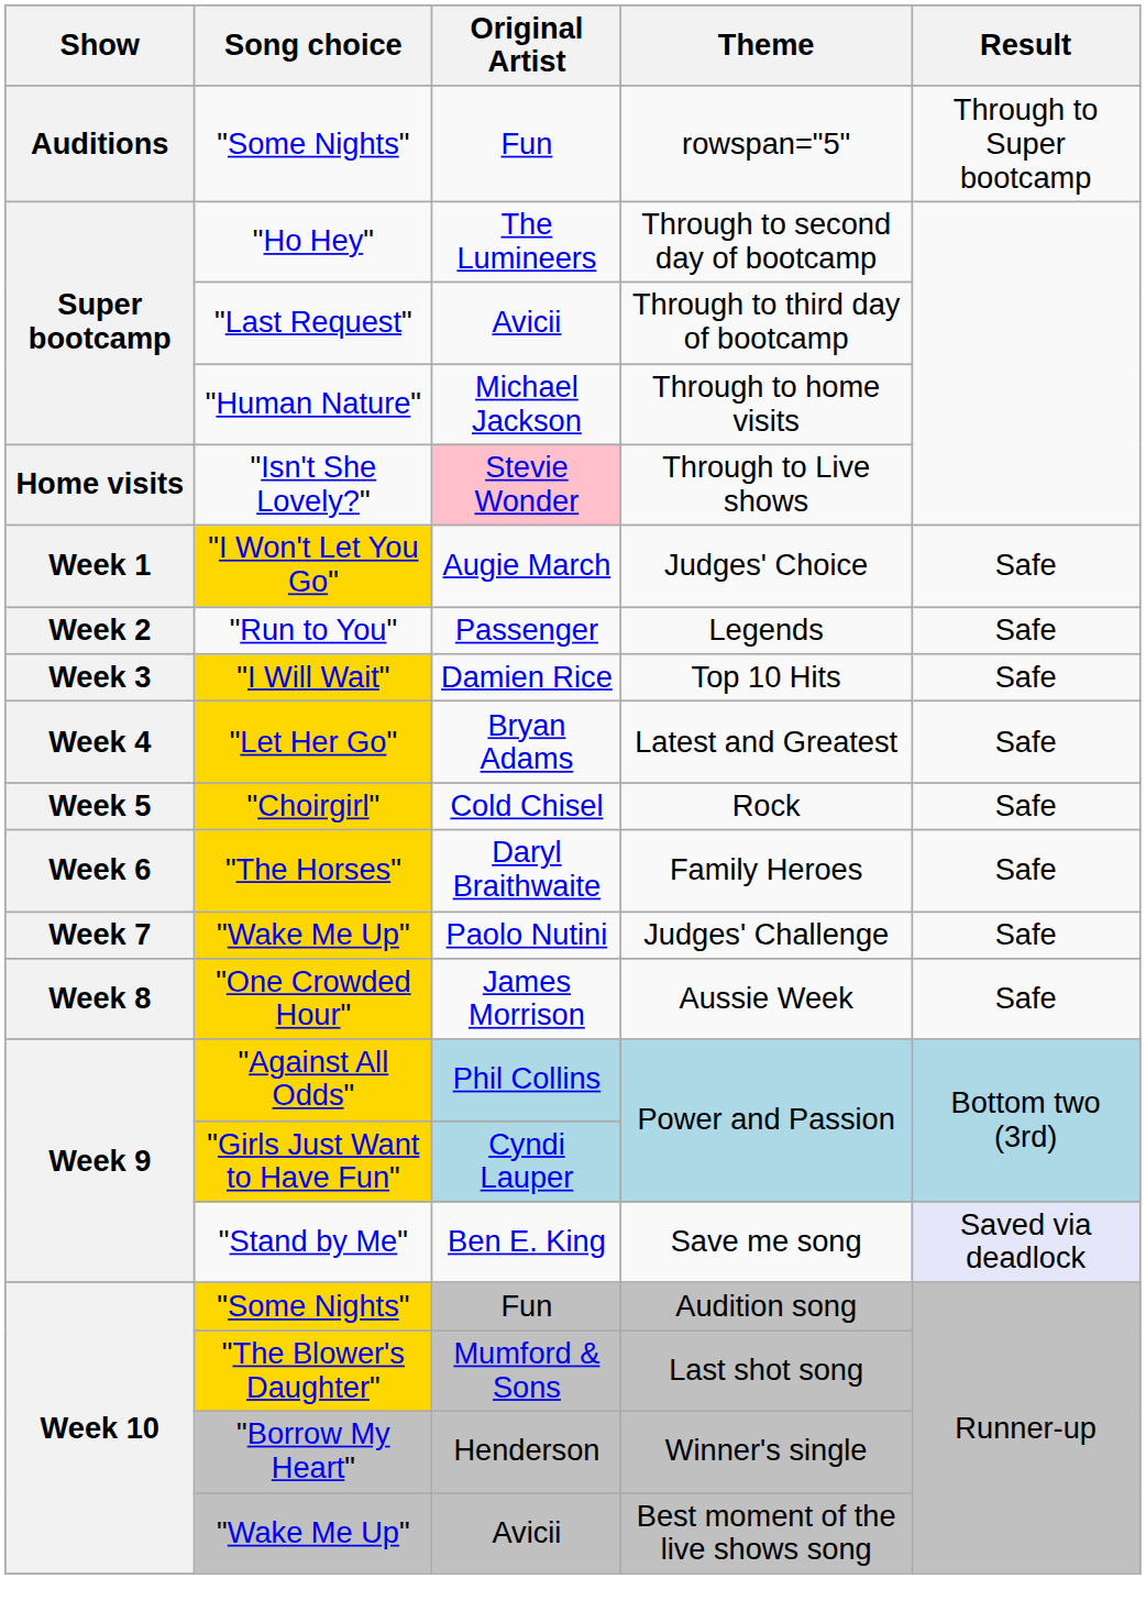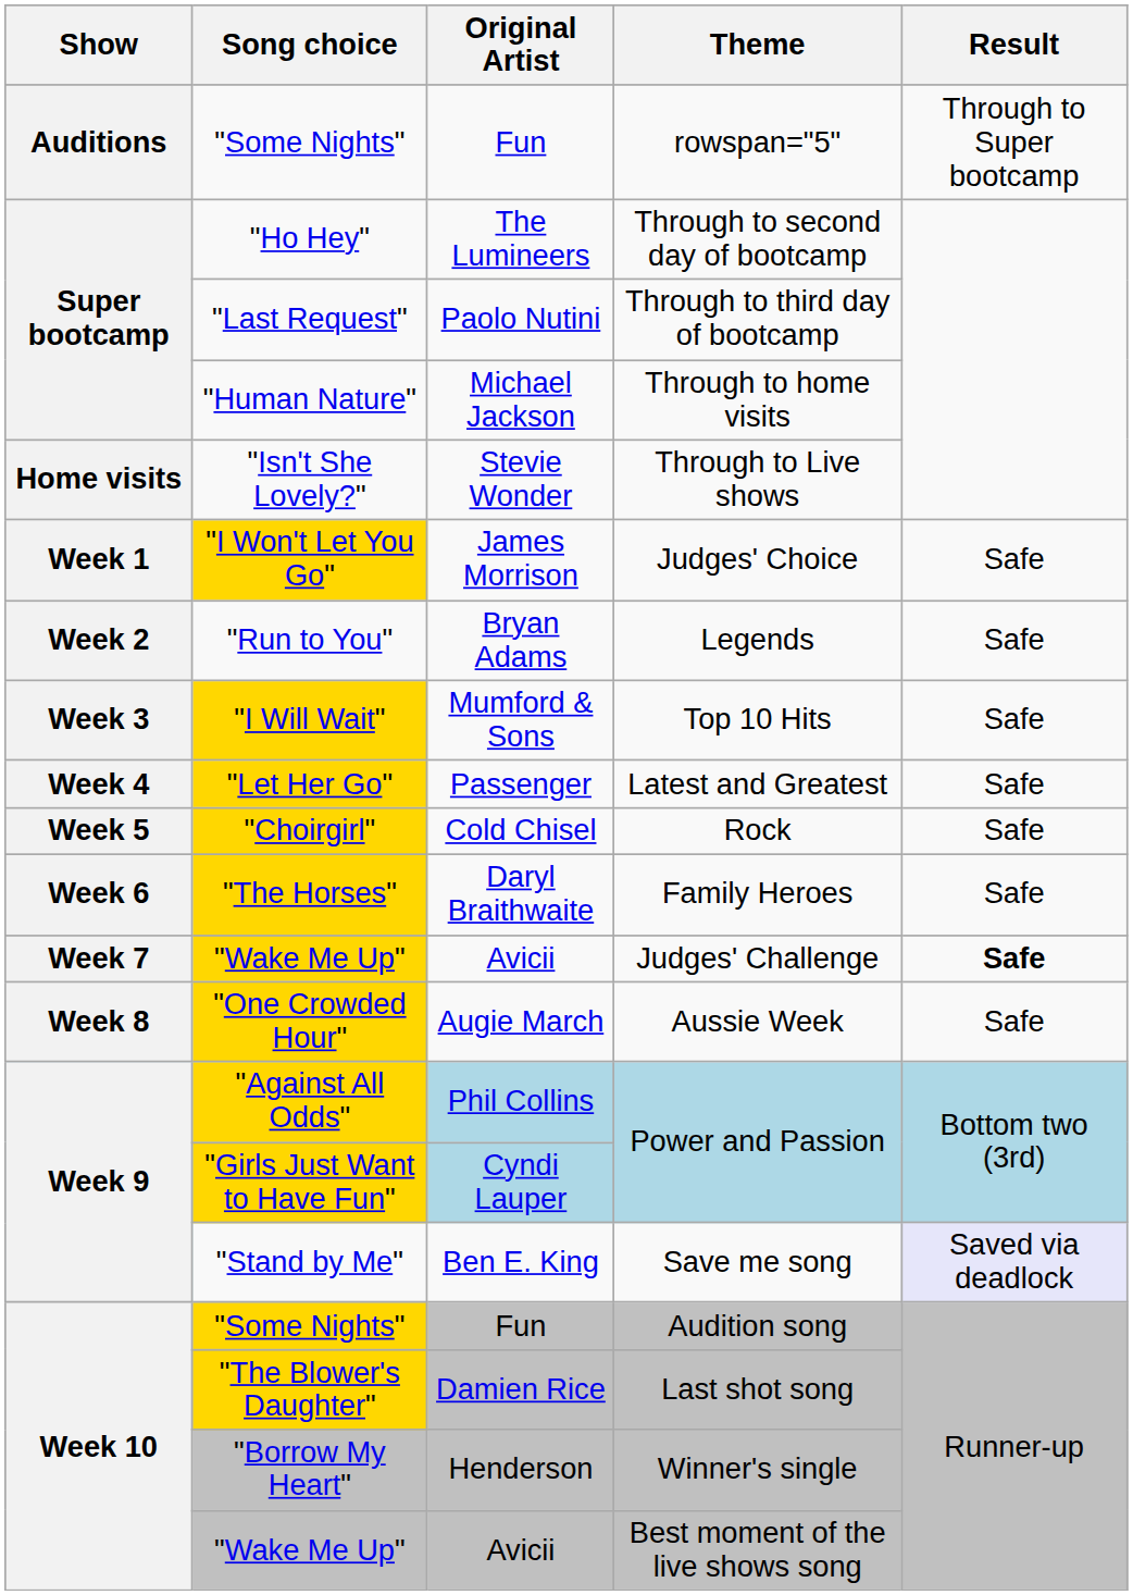 <table class="wikitable collapsible" style="text-align:center;">
 <tr>
 <th style="text-align:centre;">Show</th>
 <th style="text-align:centre;">Song choice</th>
 <th style="text-align:centre;">Original Artist</th>
 <th style="text-align:centre;">Theme</th>
 <th style="text-align:centre;">Result</th>
 </tr>
 <tr>
 <th>Auditions</th>
 <td>"<a href='#'>Some Nights</a>"</td>
 <td><a href='#'>Fun</a></td>
 <td>rowspan="5" </td>
 <td>Through to Super bootcamp</td>
 </tr>
 <tr>
 <th rowspan="3">Super bootcamp</th>
 <td>"<a href='#'>Ho Hey</a>"</td>
 <td><a href='#'>The Lumineers</a></td>
 <td>Through to second day of bootcamp</td>
 </tr>
 <tr>
 <td>"<a href='#'>Last Request</a>"</td>
-<td><a href='#'>Avicii</a></td>
+<td><a href='#'>Paolo Nutini</a></td>
 <td>Through to third day of bootcamp</td>
 </tr>
 <tr>
 <td>"<a href='#'>Human Nature</a>"</td>
 <td><a href='#'>Michael Jackson</a></td>
 <td>Through to home visits</td>
 </tr>
 <tr>
 <th>Home visits</th>
 <td>"<a href='#'>Isn't She Lovely?</a>"</td>
-<td style="background: pink;"><a href='#'>Stevie Wonder</a></td>
+<td><a href='#'>Stevie Wonder</a></td>
 <td>Through to Live shows</td>
 </tr>
 <tr>
 <th>Week 1</th>
 <td style="background:gold">"<a href='#'>I Won't Let You Go</a>"</td>
-<td><a href='#'>Augie March</a></td>
+<td><a href='#'>James Morrison</a></td>
 <td>Judges' Choice</td>
 <td>Safe</td>
 </tr>
 <tr>
 <th>Week 2</th>
 <td>"<a href='#'>Run to You</a>"</td>
-<td><a href='#'>Passenger</a></td>
+<td><a href='#'>Bryan Adams</a></td>
 <td>Legends</td>
 <td>Safe</td>
 </tr>
 <tr>
 <th>Week 3</th>
 <td style="background:gold">"<a href='#'>I Will Wait</a>"</td>
-<td><a href='#'>Damien Rice</a></td>
+<td><a href='#'>Mumford & Sons</a></td>
 <td>Top 10 Hits</td>
 <td>Safe</td>
 </tr>
 <tr>
 <th>Week 4</th>
 <td style="background:gold">"<a href='#'>Let Her Go</a>"</td>
-<td><a href='#'>Bryan Adams</a></td>
+<td><a href='#'>Passenger</a></td>
 <td>Latest and Greatest</td>
 <td>Safe</td>
 </tr>
 <tr>
 <th>Week 5</th>
 <td style="background:gold">"<a href='#'>Choirgirl</a>"</td>
 <td><a href='#'>Cold Chisel</a></td>
 <td>Rock</td>
 <td>Safe</td>
 </tr>
 <tr>
 <th>Week 6</th>
 <td style="background:gold">"<a href='#'>The Horses</a>"</td>
 <td><a href='#'>Daryl Braithwaite</a></td>
 <td>Family Heroes</td>
 <td>Safe</td>
 </tr>
 <tr>
 <th>Week 7</th>
 <td style="background:gold">"<a href='#'>Wake Me Up</a>"</td>
-<td><a href='#'>Paolo Nutini</a></td>
+<td><a href='#'>Avicii</a></td>
 <td>Judges' Challenge</td>
-<td>Safe</td>
+<td><strong>Safe</strong></td>
 </tr>
 <tr>
 <th>Week 8</th>
 <td style="background:gold">"<a href='#'>One Crowded Hour</a>"</td>
-<td><a href='#'>James Morrison</a></td>
+<td><a href='#'>Augie March</a></td>
 <td>Aussie Week</td>
 <td>Safe</td>
 </tr>
 <tr style="background:lightblue;">
 <th rowspan="3">Week 9</th>
 <td style="background:gold">"<a href='#'>Against All Odds</a>"</td>
 <td><a href='#'>Phil Collins</a></td>
 <td rowspan="2">Power and Passion</td>
 <td rowspan="2">Bottom two (3rd)</td>
 </tr>
 <tr style="background:lightblue;">
 <td style="background:gold">"<a href='#'>Girls Just Want to Have Fun</a>"</td>
 <td><a href='#'>Cyndi Lauper</a></td>
 </tr>
 <tr>
 <td>"<a href='#'>Stand by Me</a>"</td>
 <td><a href='#'>Ben E. King</a></td>
 <td>Save me song</td>
 <td style="background: lavender;">Saved via deadlock</td>
 </tr>
 <tr style="background:silver">
 <th rowspan="4">Week 10</th>
 <td style="background:gold">"<a href='#'>Some Nights</a>"</td>
 <td>Fun</td>
 <td>Audition song</td>
 <td rowspan="4">Runner-up</td>
 </tr>
 <tr style="background:silver">
 <td style="background:gold">"<a href='#'>The Blower's Daughter</a>"</td>
-<td><a href='#'>Mumford & Sons</a></td>
+<td><a href='#'>Damien Rice</a></td>
 <td>Last shot song</td>
 </tr>
 <tr style="background:silver">
 <td>"<a href='#'>Borrow My Heart</a>"</td>
 <td>Henderson</td>
 <td>Winner's single</td>
 </tr>
 <tr style="background:silver">
 <td>"<a href='#'>Wake Me Up</a>"</td>
 <td>Avicii</td>
 <td>Best moment of the live shows song</td>
 </tr>
 </table>
